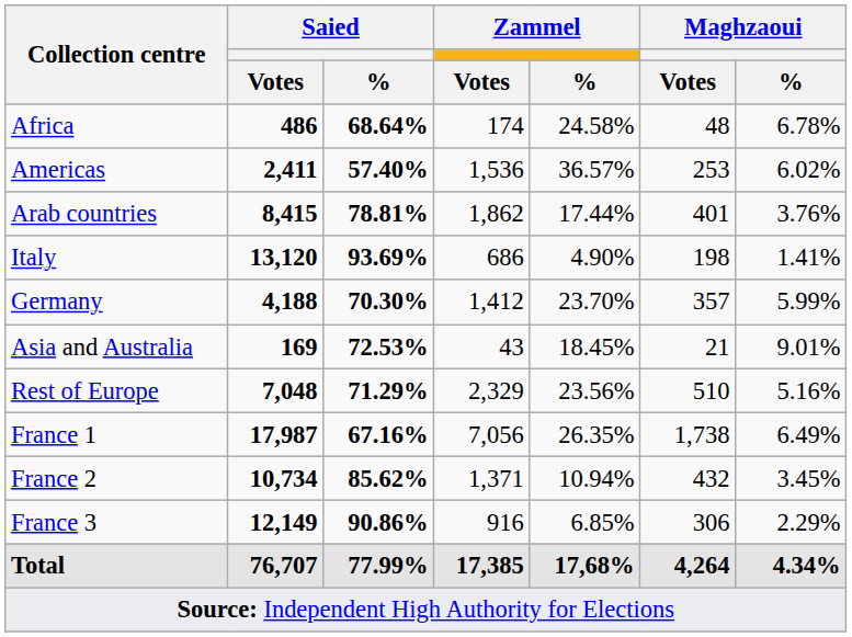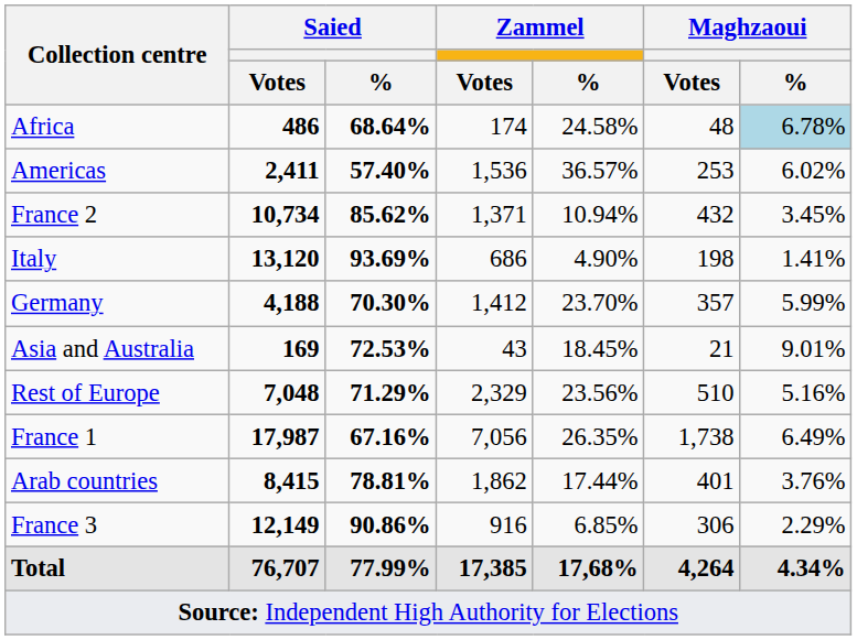 <table class="wikitable sortable" style="text-align:right; font-size:95%; line-height:20px">
 <tr>
 <th width="130" rowspan="3">Collection centre</th>
 <th width="120" colspan="2"><a href='#'>Saied</a></th>
 <th width="120" colspan="2"><a href='#'>Zammel</a></th>
 <th width="120" colspan="2"><a href='#'>Maghzaoui</a></th>
 </tr>
 <tr>
 <th colspan="2" style="background:"></th>
 <th colspan="2" style="background:#F8B415;"></th>
 <th colspan="2" style="background:"></th>
 </tr>
 <tr>
 <th>Votes</th>
 <th>%</th>
 <th>Votes</th>
 <th>%</th>
 <th>Votes</th>
 <th>%</th>
 </tr>
 <tr>
 <td style="text-align:left"><a href='#'>Africa</a></td>
 <td><strong>486</strong></td>
 <td><strong>68.64%</strong></td>
 <td>174</td>
 <td>24.58%</td>
 <td>48</td>
-<td>6.78%</td>
+<td style="background: lightblue;">6.78%</td>
 </tr>
 <tr>
 <td style="text-align:left"><a href='#'>Americas</a></td>
 <td><strong>2,411</strong></td>
 <td><strong>57.40%</strong></td>
 <td>1,536</td>
 <td>36.57%</td>
 <td>253</td>
 <td>6.02%</td>
 </tr>
 <tr>
-<td style="text-align:left"><a href='#'>Arab countries</a></td>
-<td><strong>8,415</strong></td>
-<td><strong>78.81%</strong></td>
-<td>1,862</td>
-<td>17.44%</td>
-<td>401</td>
-<td>3.76%</td>
+<td style="text-align:left"><a href='#'>France</a> 2</td>
+<td><strong>10,734</strong></td>
+<td><strong>85.62%</strong></td>
+<td>1,371</td>
+<td>10.94%</td>
+<td>432</td>
+<td>3.45%</td>
 </tr>
 <tr>
 <td style="text-align:left"><a href='#'>Italy</a></td>
 <td><strong>13,120</strong></td>
 <td><strong>93.69%</strong></td>
 <td>686</td>
 <td>4.90%</td>
 <td>198</td>
 <td>1.41%</td>
 </tr>
 <tr>
 <td style="text-align:left"><a href='#'>Germany</a></td>
 <td><strong>4,188</strong></td>
 <td><strong>70.30%</strong></td>
 <td>1,412</td>
 <td>23.70%</td>
 <td>357</td>
 <td>5.99%</td>
 </tr>
 <tr>
 <td style="text-align:left"><a href='#'>Asia</a> and <a href='#'>Australia</a></td>
 <td><strong>169</strong></td>
 <td><strong>72.53%</strong></td>
 <td>43</td>
 <td>18.45%</td>
 <td>21</td>
 <td>9.01%</td>
 </tr>
 <tr>
 <td style="text-align:left"><a href='#'>Rest of Europe</a></td>
 <td><strong>7,048</strong></td>
 <td><strong>71.29%</strong></td>
 <td>2,329</td>
 <td>23.56%</td>
 <td>510</td>
 <td>5.16%</td>
 </tr>
 <tr>
 <td style="text-align:left"><a href='#'>France</a> 1</td>
 <td><strong>17,987</strong></td>
 <td><strong>67.16%</strong></td>
 <td>7,056</td>
 <td>26.35%</td>
 <td>1,738</td>
 <td>6.49%</td>
 </tr>
 <tr>
-<td style="text-align:left"><a href='#'>France</a> 2</td>
-<td><strong>10,734</strong></td>
-<td><strong>85.62%</strong></td>
-<td>1,371</td>
-<td>10.94%</td>
-<td>432</td>
-<td>3.45%</td>
+<td style="text-align:left"><a href='#'>Arab countries</a></td>
+<td><strong>8,415</strong></td>
+<td><strong>78.81%</strong></td>
+<td>1,862</td>
+<td>17.44%</td>
+<td>401</td>
+<td>3.76%</td>
 </tr>
 <tr>
 <td style="text-align:left"><a href='#'>France</a> 3</td>
 <td><strong>12,149</strong></td>
 <td><strong>90.86%</strong></td>
 <td>916</td>
 <td>6.85%</td>
 <td>306</td>
 <td>2.29%</td>
 </tr>
 <tr class="sortbottom" style="font-weight:bold; background:#E4E4E4;">
 <td align="left">Total</td>
 <td><strong>76,707</strong></td>
 <td><strong>77.99%</strong></td>
 <td>17,385</td>
 <td>17,68%</td>
 <td>4,264</td>
 <td>4.34%</td>
 </tr>
 <tr class="sortbottom">
 <td colspan="7" style="text-align:center; background-color:#eaecf0"><strong>Source:</strong> <a href='#'>Independent High Authority for Elections</a></td>
 </tr>
 </table>
